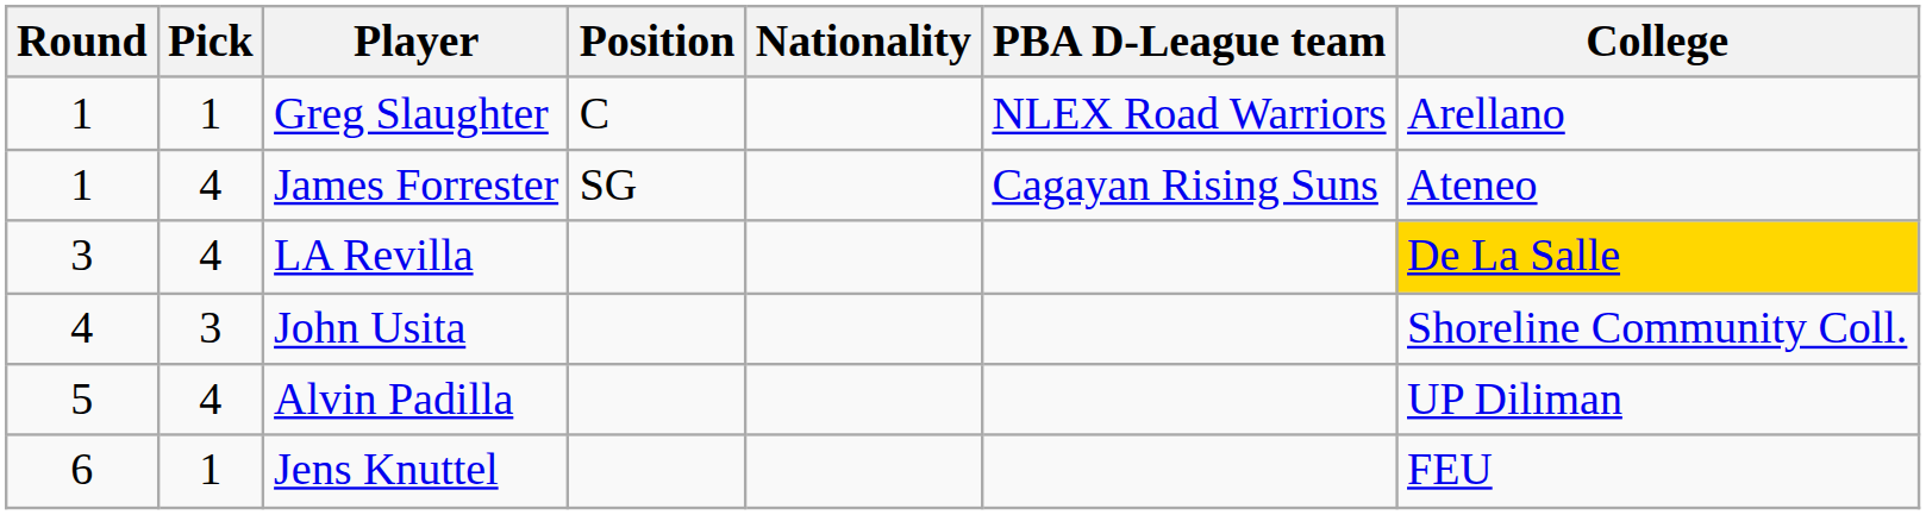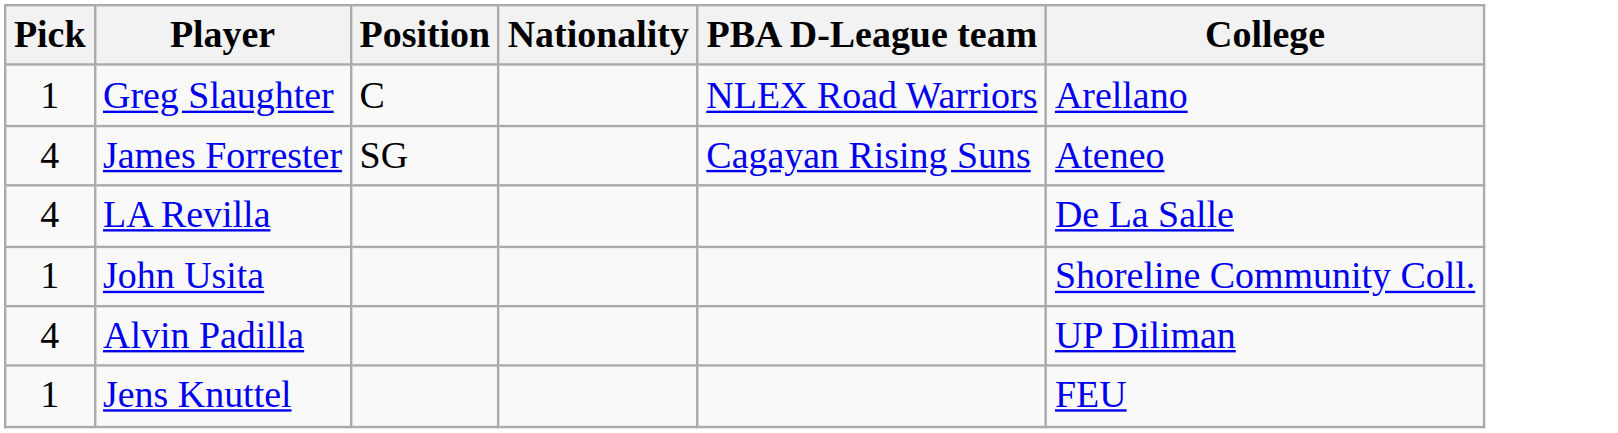 <table class="wikitable sortable sortable">
 <tr>
-<th>Round</th>
 <th>Pick</th>
 <th>Player</th>
 <th>Position</th>
 <th>Nationality</th>
 <th>PBA D-League team</th>
 <th>College</th>
 </tr>
 <tr>
 <td align=center>1</td>
-<td align=center>1</td>
 <td><a href='#'>Greg Slaughter</a></td>
 <td>C</td>
 <td></td>
 <td><a href='#'>NLEX Road Warriors</a></td>
 <td><a href='#'>Arellano</a></td>
 </tr>
 <tr>
-<td align=center>1</td>
 <td align=center>4</td>
 <td><a href='#'>James Forrester</a></td>
 <td>SG</td>
 <td></td>
 <td><a href='#'>Cagayan Rising Suns</a></td>
 <td><a href='#'>Ateneo</a></td>
 </tr>
 <tr>
-<td align=center>3</td>
 <td align=center>4</td>
 <td><a href='#'>LA Revilla</a></td>
 <td></td>
 <td></td>
 <td></td>
-<td style="background: gold;"><a href='#'>De La Salle</a></td>
+<td><a href='#'>De La Salle</a></td>
 </tr>
 <tr>
-<td align=center>4</td>
-<td align=center>3</td>
+<td align=center>1</td>
 <td><a href='#'>John Usita</a></td>
 <td></td>
 <td></td>
 <td></td>
 <td><a href='#'>Shoreline Community Coll.</a></td>
 </tr>
 <tr>
-<td align=center>5</td>
 <td align=center>4</td>
 <td><a href='#'>Alvin Padilla</a></td>
 <td></td>
 <td></td>
 <td></td>
 <td><a href='#'>UP Diliman</a></td>
 </tr>
 <tr>
-<td align=center>6</td>
 <td align=center>1</td>
 <td><a href='#'>Jens Knuttel</a></td>
 <td></td>
 <td></td>
 <td></td>
 <td><a href='#'>FEU</a></td>
 </tr>
 </table>
